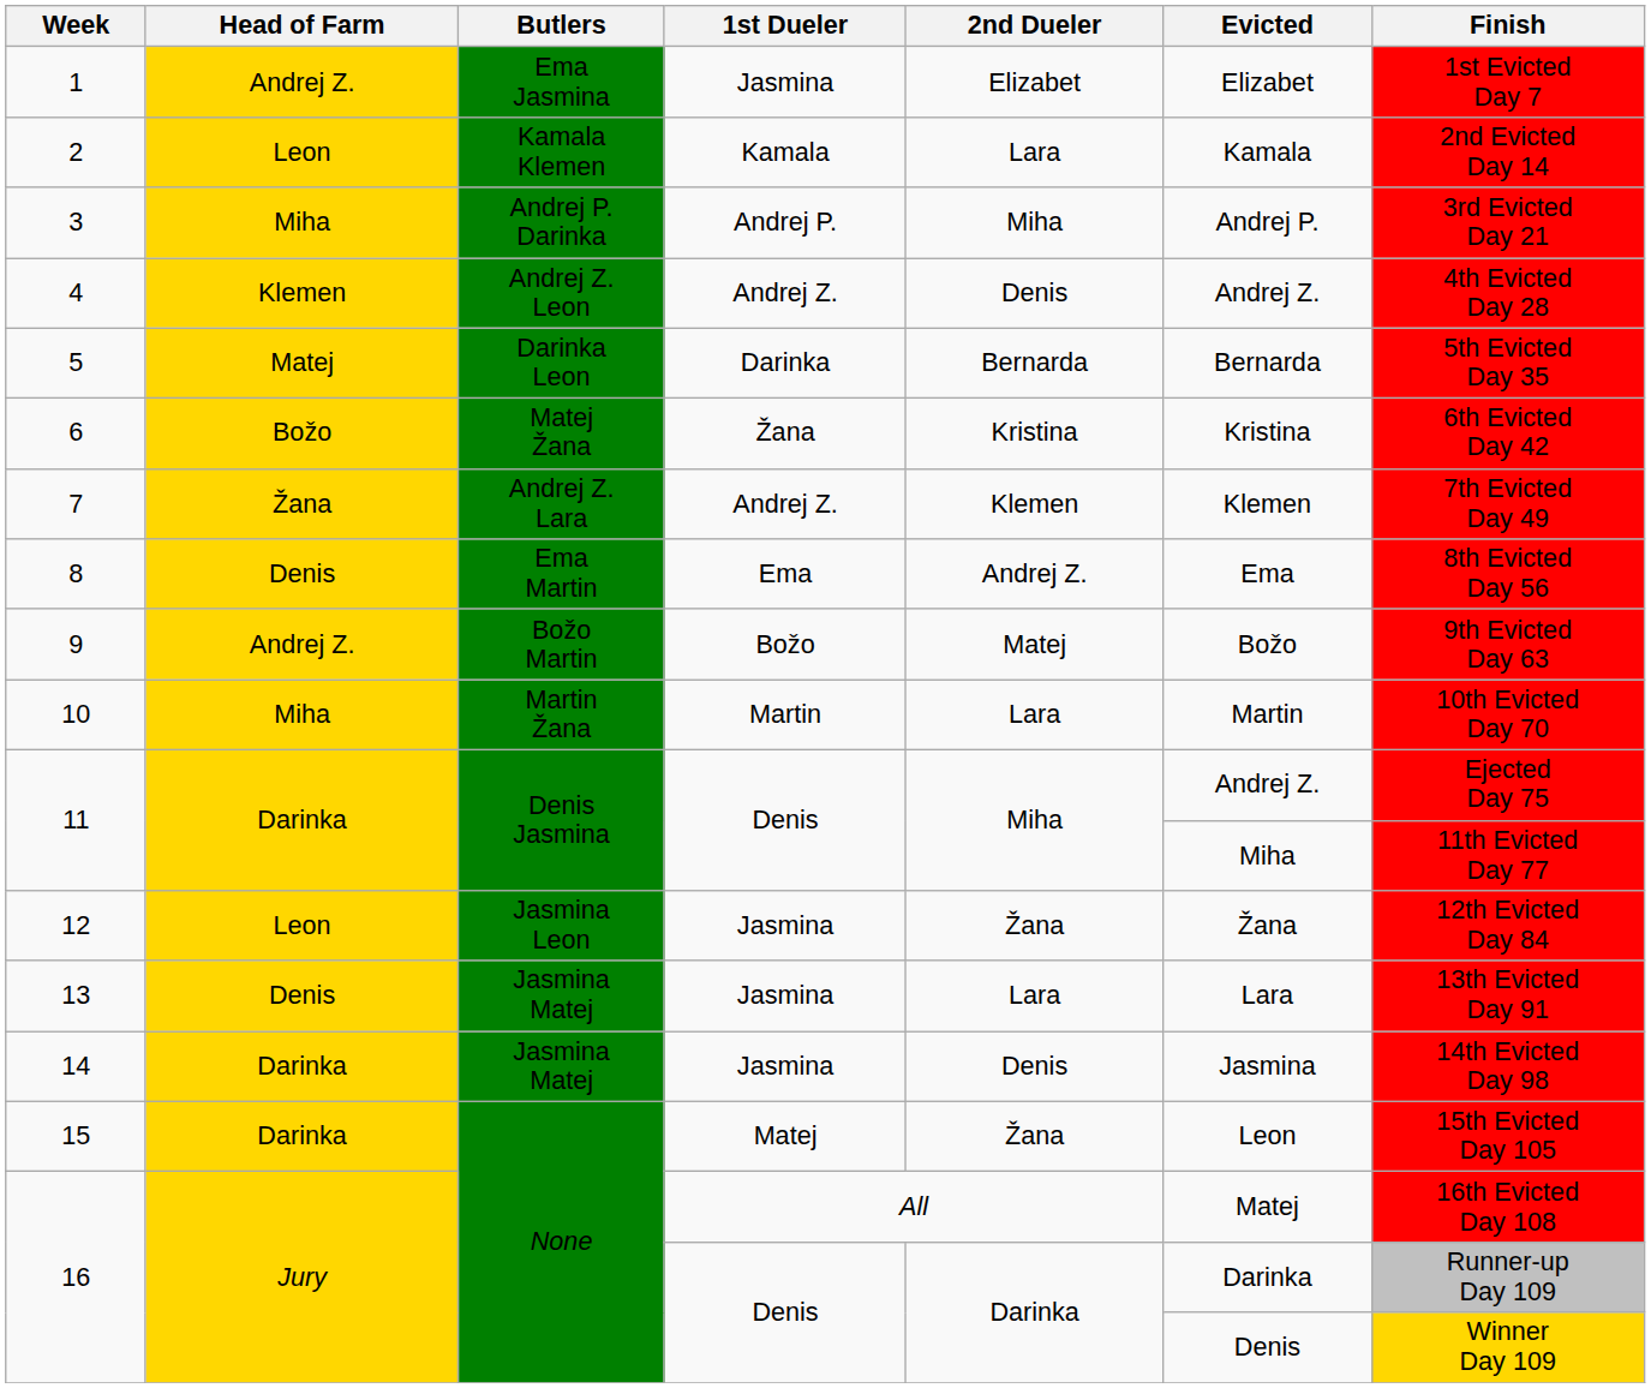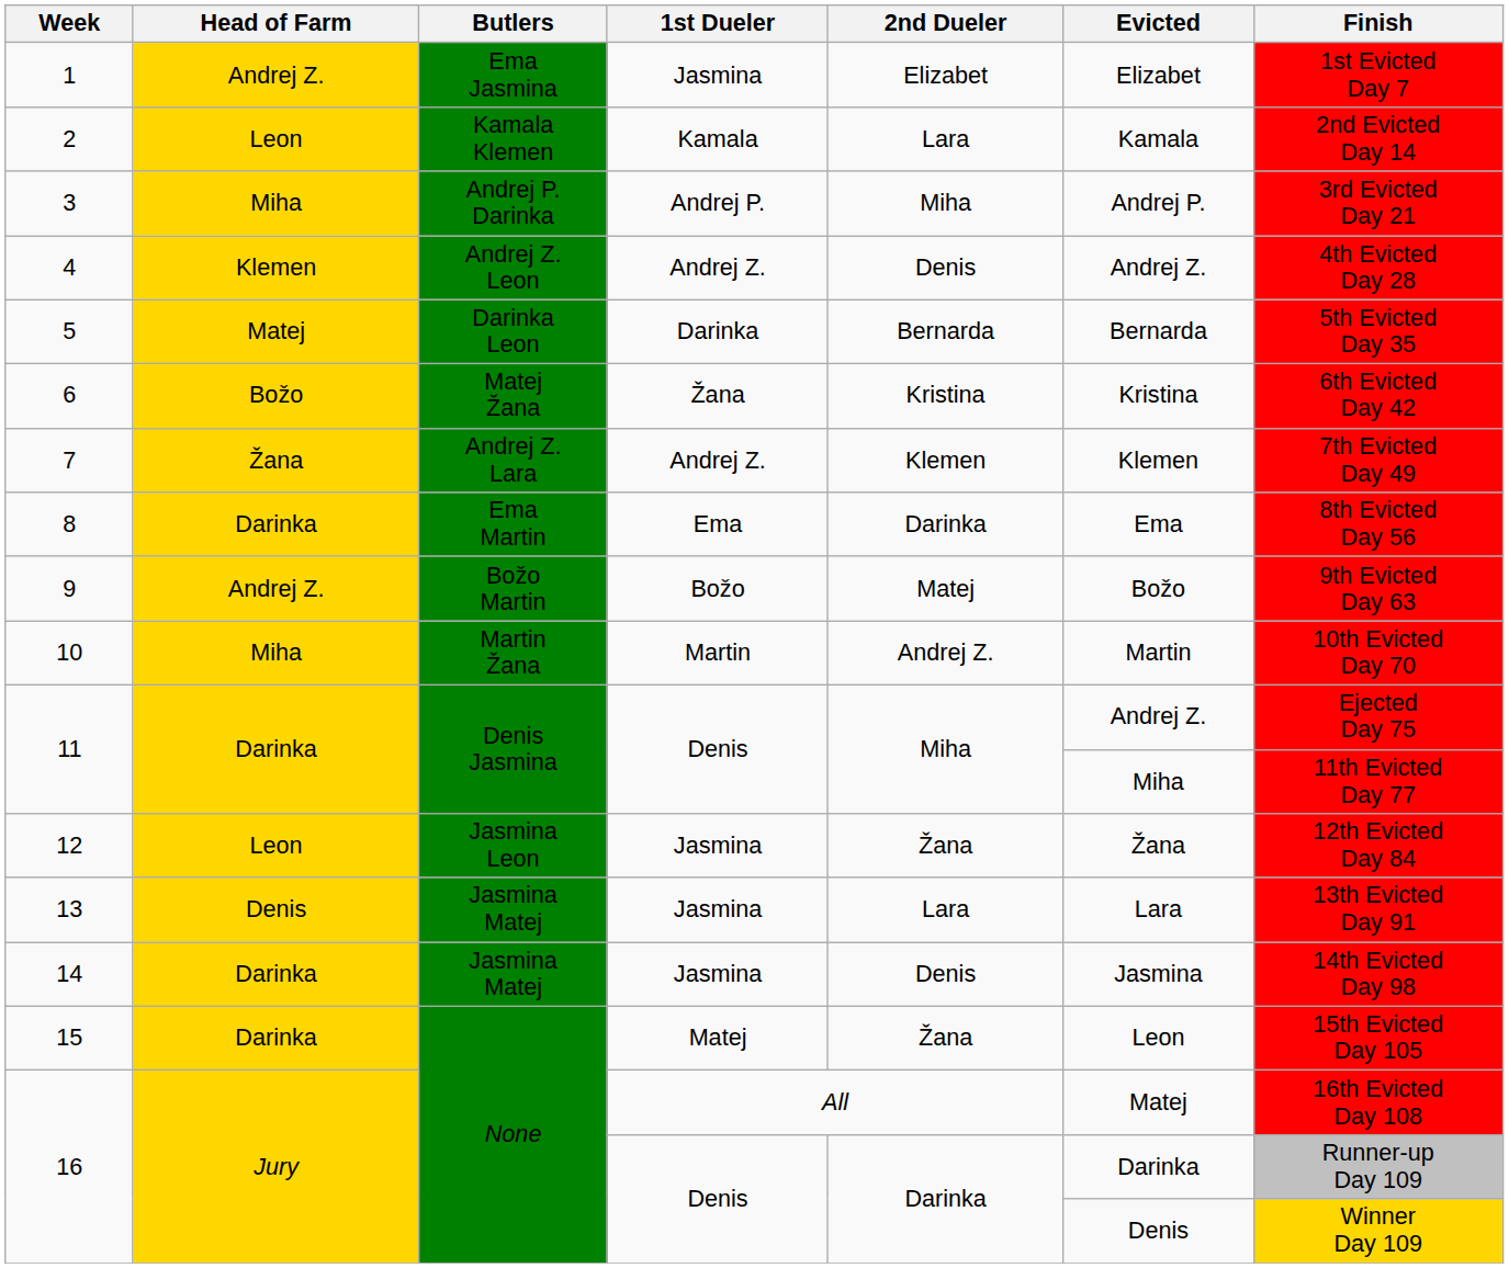 <table class="wikitable" style="font-size:100%; text-align:center; width: 80%; margin-left: auto; margin-right: auto;">
 <tr>
 <th>Week</th>
 <th>Head of Farm</th>
 <th>Butlers</th>
 <th>1st Dueler</th>
 <th>2nd Dueler</th>
 <th>Evicted</th>
 <th>Finish</th>
 </tr>
 <tr>
 <td>1</td>
 <td style="background:gold;">Andrej Z.</td>
 <td style="background:green;">Ema<br>Jasmina</td>
 <td>Jasmina</td>
 <td>Elizabet</td>
 <td>Elizabet</td>
 <td style="background:#ff0000">1st Evicted<br>Day 7</td>
 </tr>
 <tr>
 <td>2</td>
 <td style="background:gold;">Leon</td>
 <td style="background:green;">Kamala<br>Klemen</td>
 <td>Kamala</td>
 <td>Lara</td>
 <td>Kamala</td>
 <td style="background:#ff0000">2nd Evicted<br>Day 14</td>
 </tr>
 <tr>
 <td>3</td>
 <td style="background:gold;">Miha</td>
 <td style="background:green;">Andrej P.<br>Darinka</td>
 <td>Andrej P.</td>
 <td>Miha</td>
 <td>Andrej P.</td>
 <td style="background:#ff0000">3rd Evicted<br>Day 21</td>
 </tr>
 <tr>
 <td>4</td>
 <td style="background:gold;">Klemen</td>
 <td style="background:green;">Andrej Z.<br>Leon</td>
 <td>Andrej Z.</td>
 <td>Denis</td>
 <td>Andrej Z.</td>
 <td style="background:#ff0000">4th Evicted<br>Day 28</td>
 </tr>
 <tr>
 <td>5</td>
 <td style="background:gold;">Matej</td>
 <td style="background:green;">Darinka<br>Leon</td>
 <td>Darinka</td>
 <td>Bernarda</td>
 <td>Bernarda</td>
 <td style="background:#ff0000">5th Evicted<br>Day 35</td>
 </tr>
 <tr>
 <td>6</td>
 <td style="background:gold;">Božo</td>
 <td style="background:green;">Matej<br>Žana</td>
 <td>Žana</td>
 <td>Kristina</td>
 <td>Kristina</td>
 <td style="background:#ff0000">6th Evicted<br>Day 42</td>
 </tr>
 <tr>
 <td>7</td>
 <td style="background:gold;">Žana</td>
 <td style="background:green;">Andrej Z.<br>Lara</td>
 <td>Andrej Z.</td>
 <td>Klemen</td>
 <td>Klemen</td>
 <td style="background:#ff0000">7th Evicted<br>Day 49</td>
 </tr>
 <tr>
 <td>8</td>
-<td style="background:gold;">Denis</td>
+<td style="background:gold;">Darinka</td>
 <td style="background:green;">Ema<br>Martin</td>
 <td>Ema</td>
-<td>Andrej Z.</td>
+<td>Darinka</td>
 <td>Ema</td>
 <td style="background:#ff0000">8th Evicted<br>Day 56</td>
 </tr>
 <tr>
 <td>9</td>
 <td style="background:gold;">Andrej Z.</td>
 <td style="background:green;">Božo<br>Martin</td>
 <td>Božo</td>
 <td>Matej</td>
 <td>Božo</td>
 <td style="background:#ff0000">9th Evicted<br>Day 63</td>
 </tr>
 <tr>
 <td>10</td>
 <td style="background:gold;">Miha</td>
 <td style="background:green;">Martin<br>Žana</td>
 <td>Martin</td>
-<td>Lara</td>
+<td>Andrej Z.</td>
 <td>Martin</td>
 <td style="background:#ff0000">10th Evicted<br>Day 70</td>
 </tr>
 <tr>
 <td rowspan="2">11</td>
 <td rowspan="2" style="background:gold;">Darinka</td>
 <td rowspan="2" style="background:green;">Denis<br>Jasmina</td>
 <td rowspan="2">Denis</td>
 <td rowspan="2">Miha</td>
 <td rowspan="1">Andrej Z.</td>
 <td rowspan="1" style="background:#ff0000">Ejected<br>Day 75</td>
 </tr>
 <tr>
 <td rowspan="1">Miha</td>
 <td rowspan="1" style="background:#ff0000">11th Evicted<br>Day 77</td>
 </tr>
 <tr>
 <td>12</td>
 <td style="background:gold;">Leon</td>
 <td style="background:green;">Jasmina<br>Leon</td>
 <td>Jasmina</td>
 <td>Žana</td>
 <td>Žana</td>
 <td style="background:#ff0000">12th Evicted<br>Day 84</td>
 </tr>
 <tr>
 <td>13</td>
 <td style="background:gold;">Denis</td>
 <td style="background:green;">Jasmina<br>Matej</td>
 <td>Jasmina</td>
 <td>Lara</td>
 <td>Lara</td>
 <td style="background:#ff0000">13th Evicted<br>Day 91</td>
 </tr>
 <tr>
 <td>14</td>
 <td style="background:gold;">Darinka</td>
 <td style="background:green;">Jasmina<br>Matej</td>
 <td>Jasmina</td>
 <td>Denis</td>
 <td>Jasmina</td>
 <td style="background:#ff0000">14th Evicted<br>Day 98</td>
 </tr>
 <tr>
 <td>15</td>
 <td style="background:gold;">Darinka</td>
 <td style="background:green;" rowspan="4"><em>None</em></td>
 <td>Matej</td>
 <td>Žana</td>
 <td>Leon</td>
 <td style="background:#ff0000">15th Evicted<br>Day 105</td>
 </tr>
 <tr>
 <td rowspan="3">16</td>
 <td rowspan="3" style=background:gold;><em>Jury</em></td>
 <td colspan="2" rowspan="1"><em>All</em></td>
 <td rowspan="1">Matej</td>
 <td rowspan="1" style="background:#ff0000">16th Evicted<br>Day 108</td>
 </tr>
 <tr>
 <td rowspan="2">Denis</td>
 <td rowspan="2">Darinka</td>
 <td rowspan="1">Darinka</td>
 <td rowspan="1" style="background:silver;">Runner-up<br>Day 109</td>
 </tr>
 <tr>
 <td rowspan="1">Denis</td>
 <td rowspan="1" style="background:gold;">Winner<br>Day 109</td>
 </tr>
 <tr>
 </tr>
 </table>
